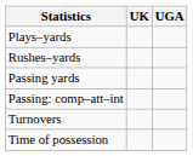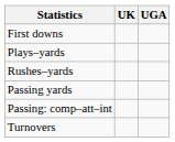 <table class="wikitable" style="float:left">
 <tr>
 <th>Statistics</th>
 <th>UK</th>
 <th>UGA</th>
+</tr>
+<tr>
+<td>First downs</td>
+<td></td>
+<td></td>
 </tr>
 <tr>
 <td>Plays–yards</td>
 <td></td>
 <td></td>
 </tr>
 <tr>
 <td>Rushes–yards</td>
 <td></td>
 <td></td>
 </tr>
 <tr>
 <td>Passing yards</td>
 <td></td>
 <td></td>
 </tr>
 <tr>
 <td>Passing: comp–att–int</td>
 <td></td>
 <td></td>
 </tr>
 <tr>
 <td>Turnovers</td>
 <td></td>
 <td></td>
 </tr>
-<tr>
-<td>Time of possession</td>
-<td></td>
-<td></td>
-</tr>
 </table>
